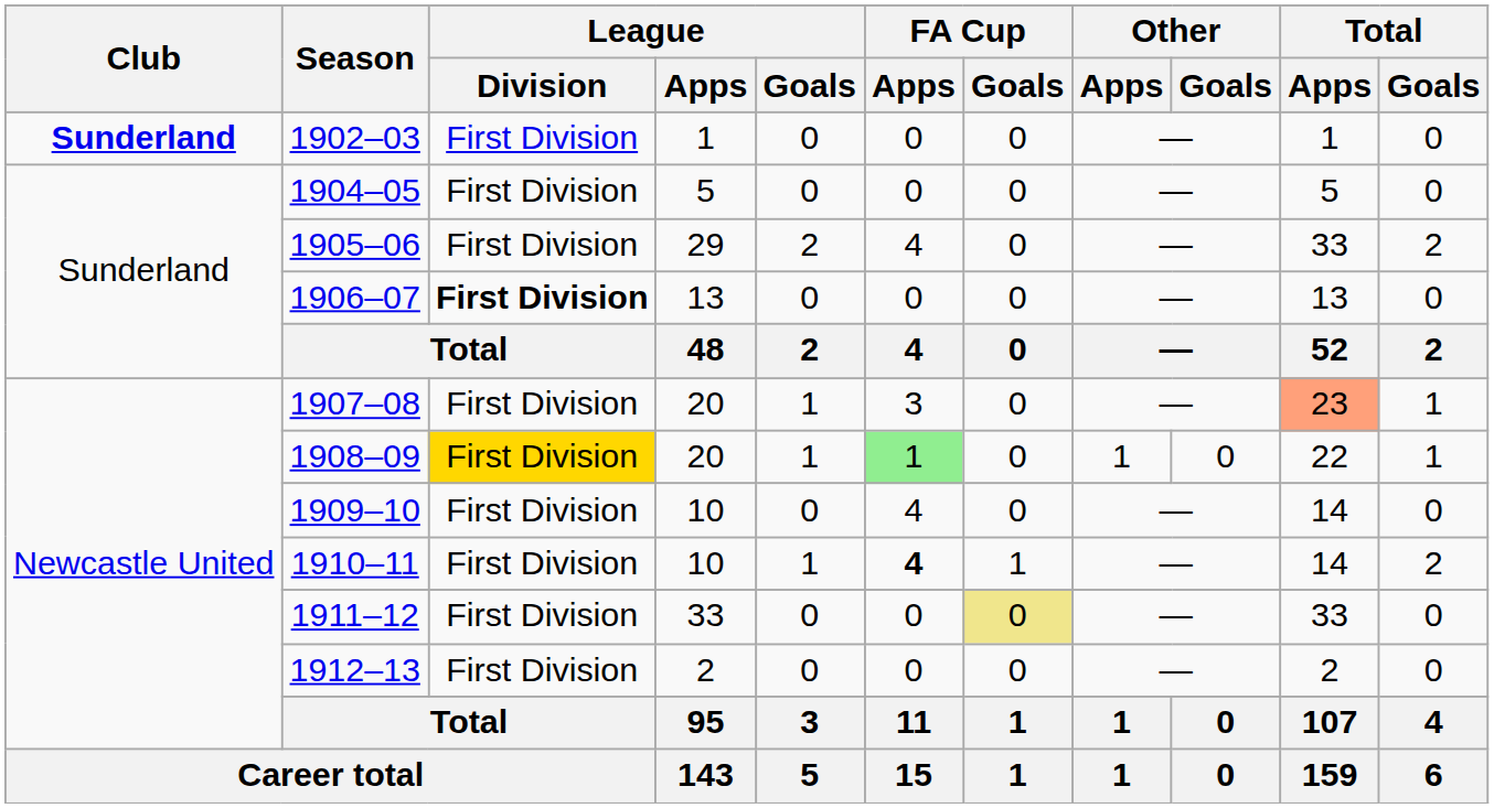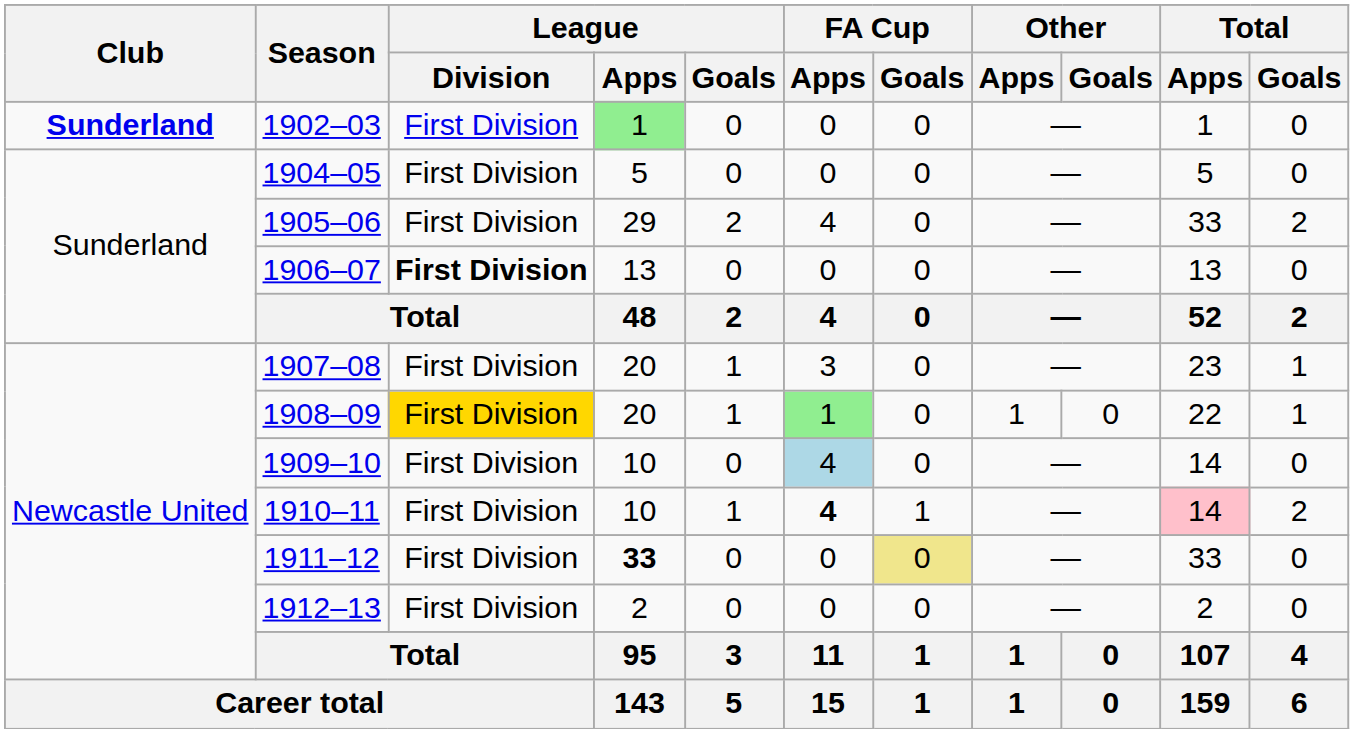 <table class="wikitable" style="text-align: center">
 <tr>
 <th rowspan="2">Club</th>
 <th rowspan="2">Season</th>
 <th colspan="3">League</th>
 <th colspan="2">FA Cup</th>
 <th colspan="2">Other</th>
 <th colspan="2">Total</th>
 </tr>
 <tr>
 <th>Division</th>
 <th>Apps</th>
 <th>Goals</th>
 <th>Apps</th>
 <th>Goals</th>
 <th>Apps</th>
 <th>Goals</th>
 <th>Apps</th>
 <th>Goals</th>
 </tr>
 <tr>
 <td><strong><a href='#'>Sunderland</a></strong></td>
 <td><a href='#'>1902–03</a></td>
 <td><a href='#'>First Division</a></td>
-<td>1</td>
+<td style="background: lightgreen;">1</td>
 <td>0</td>
 <td>0</td>
 <td>0</td>
 <td colspan="2">―</td>
 <td>1</td>
 <td>0</td>
 </tr>
 <tr>
 <td rowspan="4">Sunderland</td>
 <td><a href='#'>1904–05</a></td>
 <td>First Division</td>
 <td>5</td>
 <td>0</td>
 <td>0</td>
 <td>0</td>
 <td colspan="2">―</td>
 <td>5</td>
 <td>0</td>
 </tr>
 <tr>
 <td><a href='#'>1905–06</a></td>
 <td>First Division</td>
 <td>29</td>
 <td>2</td>
 <td>4</td>
 <td>0</td>
 <td colspan="2">―</td>
 <td>33</td>
 <td>2</td>
 </tr>
 <tr>
 <td><a href='#'>1906–07</a></td>
 <td><strong>First Division</strong></td>
 <td>13</td>
 <td>0</td>
 <td>0</td>
 <td>0</td>
 <td colspan="2">―</td>
 <td>13</td>
 <td>0</td>
 </tr>
 <tr>
 <th colspan="2">Total</th>
 <th>48</th>
 <th>2</th>
 <th>4</th>
 <th>0</th>
 <th colspan="2">―</th>
 <th>52</th>
 <th>2</th>
 </tr>
 <tr>
 <td rowspan="7"><a href='#'>Newcastle United</a></td>
 <td><a href='#'>1907–08</a></td>
 <td>First Division</td>
 <td>20</td>
 <td>1</td>
 <td>3</td>
 <td>0</td>
 <td colspan="2">―</td>
-<td style="background: lightsalmon;">23</td>
+<td>23</td>
 <td>1</td>
 </tr>
 <tr>
 <td><a href='#'>1908–09</a></td>
 <td style="background: gold;">First Division</td>
 <td>20</td>
 <td>1</td>
 <td style="background: lightgreen;">1</td>
 <td>0</td>
 <td>1</td>
 <td>0</td>
 <td>22</td>
 <td>1</td>
 </tr>
 <tr>
 <td><a href='#'>1909–10</a></td>
 <td>First Division</td>
 <td>10</td>
 <td>0</td>
-<td>4</td>
+<td style="background: lightblue;">4</td>
 <td>0</td>
 <td colspan="2">―</td>
 <td>14</td>
 <td>0</td>
 </tr>
 <tr>
 <td><a href='#'>1910–11</a></td>
 <td>First Division</td>
 <td>10</td>
 <td>1</td>
 <td><strong>4</strong></td>
 <td>1</td>
 <td colspan="2">―</td>
-<td>14</td>
+<td style="background: pink;">14</td>
 <td>2</td>
 </tr>
 <tr>
 <td><a href='#'>1911–12</a></td>
 <td>First Division</td>
-<td>33</td>
+<td><strong>33</strong></td>
 <td>0</td>
 <td>0</td>
 <td style="background: khaki;">0</td>
 <td colspan="2">―</td>
 <td>33</td>
 <td>0</td>
 </tr>
 <tr>
 <td><a href='#'>1912–13</a></td>
 <td>First Division</td>
 <td>2</td>
 <td>0</td>
 <td>0</td>
 <td>0</td>
 <td colspan="2">―</td>
 <td>2</td>
 <td>0</td>
 </tr>
 <tr>
 <th colspan="2">Total</th>
 <th>95</th>
 <th>3</th>
 <th>11</th>
 <th>1</th>
 <th>1</th>
 <th>0</th>
 <th>107</th>
 <th>4</th>
 </tr>
 <tr>
 <th colspan="3">Career total</th>
 <th>143</th>
 <th>5</th>
 <th>15</th>
 <th>1</th>
 <th>1</th>
 <th>0</th>
 <th>159</th>
 <th>6</th>
 </tr>
 </table>
